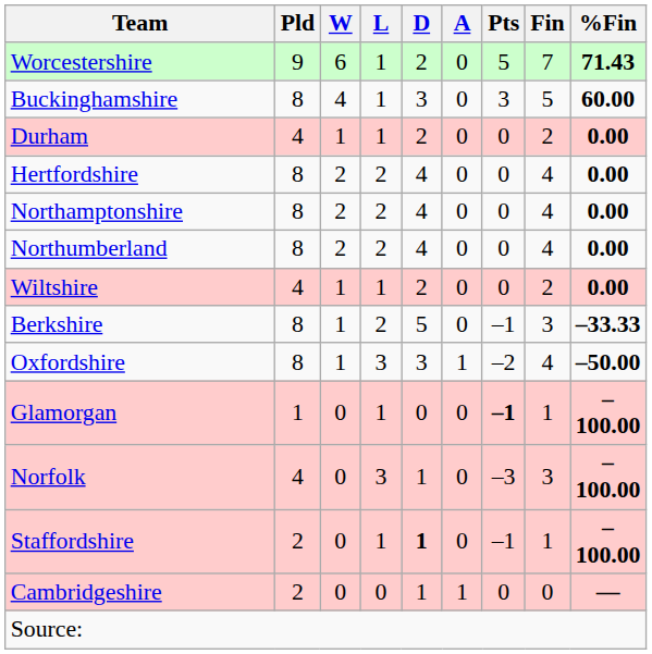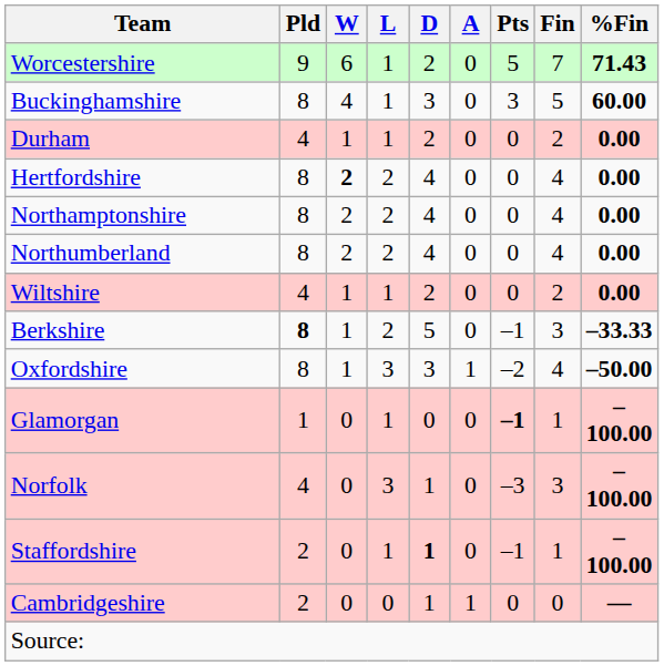 <table class="wikitable" style="text-align:center;">
 <tr>
 <th width=175>Team</th>
 <th width=20 abbr="Played">Pld</th>
 <th width=20 abbr="Won"><a href='#'>W</a></th>
 <th width=20 abbr="Lost"><a href='#'>L</a></th>
 <th width=20 abbr="Draw"><a href='#'>D</a></th>
 <th width=20 abbr="Abandoned"><a href='#'>A</a></th>
 <th width=20 abbr="Points">Pts</th>
 <th width=20 abbr="Finished matches">Fin</th>
 <th width=20 abbr="Percentage of finished matches">%Fin</th>
 </tr>
 <tr style="background:#ccffcc;">
 <td style="text-align:left;"><a href='#'>Worcestershire</a></td>
 <td>9</td>
 <td>6</td>
 <td>1</td>
 <td>2</td>
 <td>0</td>
 <td>5</td>
 <td>7</td>
 <td><strong>71.43</strong></td>
 </tr>
 <tr style="background:#f9f9f9;">
 <td style="text-align:left;"><a href='#'>Buckinghamshire</a></td>
 <td>8</td>
 <td>4</td>
 <td>1</td>
 <td>3</td>
 <td>0</td>
 <td>3</td>
 <td>5</td>
 <td><strong>60.00</strong></td>
 </tr>
 <tr style="background:#FFCCCC;">
 <td style="text-align:left;"><a href='#'>Durham</a> </td>
 <td>4</td>
 <td>1</td>
 <td>1</td>
 <td>2</td>
 <td>0</td>
 <td>0</td>
 <td>2</td>
 <td><strong>0.00</strong></td>
 </tr>
 <tr style="background:#f9f9f9;">
 <td style="text-align:left;"><a href='#'>Hertfordshire</a></td>
 <td>8</td>
-<td>2</td>
+<td><strong>2</strong></td>
 <td>2</td>
 <td>4</td>
 <td>0</td>
 <td>0</td>
 <td>4</td>
 <td><strong>0.00</strong></td>
 </tr>
 <tr style="background:#f9f9f9;">
 <td style="text-align:left;"><a href='#'>Northamptonshire</a></td>
 <td>8</td>
 <td>2</td>
 <td>2</td>
 <td>4</td>
 <td>0</td>
 <td>0</td>
 <td>4</td>
 <td><strong>0.00</strong></td>
 </tr>
 <tr style="background:#f9f9f9;">
 <td style="text-align:left;"><a href='#'>Northumberland</a></td>
 <td>8</td>
 <td>2</td>
 <td>2</td>
 <td>4</td>
 <td>0</td>
 <td>0</td>
 <td>4</td>
 <td><strong>0.00</strong></td>
 </tr>
 <tr style="background:#FFCCCC;">
 <td style="text-align:left;"><a href='#'>Wiltshire</a> </td>
 <td>4</td>
 <td>1</td>
 <td>1</td>
 <td>2</td>
 <td>0</td>
 <td>0</td>
 <td>2</td>
 <td><strong>0.00</strong></td>
 </tr>
 <tr style="background:#f9f9f9;">
 <td style="text-align:left;"><a href='#'>Berkshire</a></td>
-<td>8</td>
+<td><strong>8</strong></td>
 <td>1</td>
 <td>2</td>
 <td>5</td>
 <td>0</td>
 <td>–1</td>
 <td>3</td>
 <td><strong>–33.33</strong></td>
 </tr>
 <tr style="background:#f9f9f9;">
 <td style="text-align:left;"><a href='#'>Oxfordshire</a></td>
 <td>8</td>
 <td>1</td>
 <td>3</td>
 <td>3</td>
 <td>1</td>
 <td>–2</td>
 <td>4</td>
 <td><strong>–50.00</strong></td>
 </tr>
 <tr style="background:#FFCCCC;">
 <td style="text-align:left;"><a href='#'>Glamorgan</a> </td>
 <td>1</td>
 <td>0</td>
 <td>1</td>
 <td>0</td>
 <td>0</td>
 <td><strong>–1</strong></td>
 <td>1</td>
 <td><strong>–100.00</strong></td>
 </tr>
 <tr style="background:#FFCCCC;">
 <td style="text-align:left;"><a href='#'>Norfolk</a> </td>
 <td>4</td>
 <td>0</td>
 <td>3</td>
 <td>1</td>
 <td>0</td>
 <td>–3</td>
 <td>3</td>
 <td><strong>–100.00</strong></td>
 </tr>
 <tr style="background:#FFCCCC;">
 <td style="text-align:left;"><a href='#'>Staffordshire</a> </td>
 <td>2</td>
 <td>0</td>
 <td>1</td>
 <td><strong>1</strong></td>
 <td>0</td>
 <td>–1</td>
 <td>1</td>
 <td><strong>–100.00</strong></td>
 </tr>
 <tr style="background:#FFCCCC;">
 <td style="text-align:left;"><a href='#'>Cambridgeshire</a> </td>
 <td>2</td>
 <td>0</td>
 <td>0</td>
 <td>1</td>
 <td>1</td>
 <td>0</td>
 <td>0</td>
 <td><strong>—</strong></td>
 </tr>
 <tr>
 <td colspan=9 align="left">Source:</td>
 </tr>
 </table>
